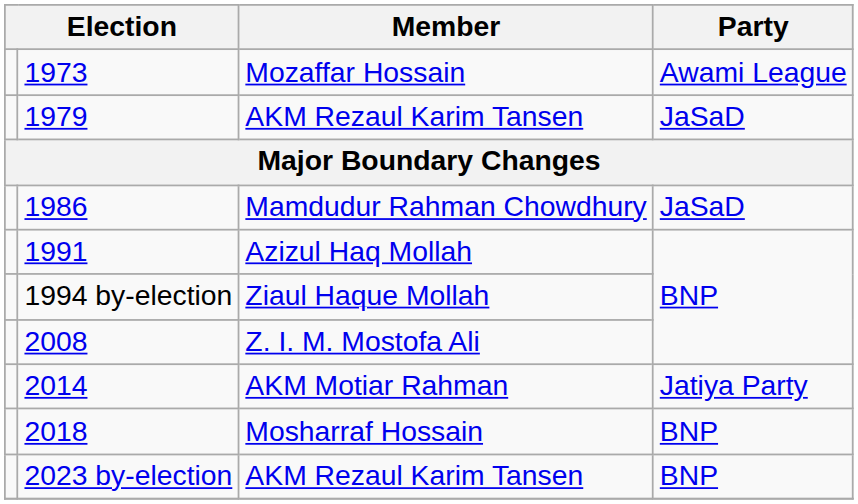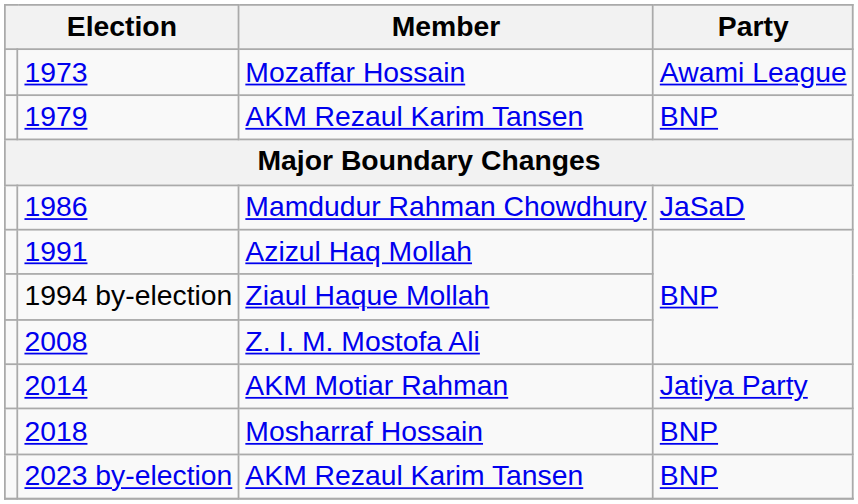 <table class="wikitable">
 <tr>
 <th colspan="2">Election</th>
 <th>Member</th>
 <th>Party</th>
 </tr>
 <tr>
 <td style="background-color:"></td>
 <td><a href='#'>1973</a></td>
 <td><a href='#'>Mozaffar Hossain</a></td>
 <td><a href='#'>Awami League</a></td>
 </tr>
 <tr>
 <td style="background-color:"></td>
 <td><a href='#'>1979</a></td>
 <td><a href='#'>AKM Rezaul Karim Tansen</a></td>
-<td><a href='#'>JaSaD</a></td>
+<td><a href='#'>BNP</a></td>
 </tr>
 <tr>
 <th colspan="4">Major Boundary Changes</th>
 </tr>
 <tr>
 <td style="background-color:"></td>
 <td><a href='#'>1986</a></td>
 <td><a href='#'>Mamdudur Rahman Chowdhury</a></td>
 <td><a href='#'>JaSaD</a></td>
 </tr>
 <tr>
 <td style="background-color:"></td>
 <td><a href='#'>1991</a></td>
 <td><a href='#'>Azizul Haq Mollah</a></td>
 <td rowspan="3"><a href='#'>BNP</a></td>
 </tr>
 <tr>
 <td style="background-color:"></td>
 <td>1994 by-election</td>
 <td><a href='#'>Ziaul Haque Mollah</a></td>
 </tr>
 <tr>
 <td style="background-color:"></td>
 <td><a href='#'>2008</a></td>
 <td><a href='#'>Z. I. M. Mostofa Ali</a></td>
 </tr>
 <tr>
 <td style="background-color:"></td>
 <td><a href='#'>2014</a></td>
 <td><a href='#'>AKM Motiar Rahman</a></td>
 <td><a href='#'>Jatiya Party</a></td>
 </tr>
 <tr>
 <td style="background-color:"></td>
 <td><a href='#'>2018</a></td>
 <td><a href='#'>Mosharraf Hossain</a></td>
 <td><a href='#'>BNP</a></td>
 </tr>
 <tr>
 <td style="background-color:"></td>
 <td><a href='#'>2023 by-election</a></td>
 <td><a href='#'>AKM Rezaul Karim Tansen</a></td>
 <td><a href='#'>BNP</a></td>
 </tr>
 <tr>
 </tr>
 </table>
